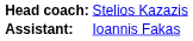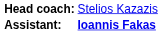 <table>
 <tr>
 <td><strong>Head coach:</strong></td>
 <td><a href='#'>Stelios Kazazis</a></td>
 </tr>
 <tr>
 <td><strong>Assistant:</strong></td>
-<td><a href='#'>Ioannis Fakas</a></td>
+<td><strong><a href='#'>Ioannis Fakas</a></strong></td>
 </tr>
 </table>
